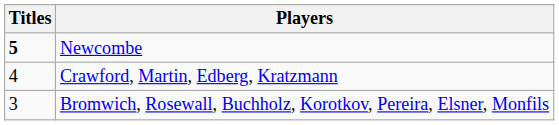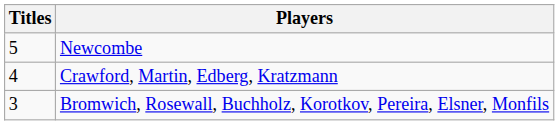 <table class="wikitable sortable">
 <tr>
 <th>Titles</th>
 <th>Players</th>
 </tr>
 <tr>
-<td><strong>5</strong></td>
+<td>5</td>
 <td> <a href='#'>Newcombe</a></td>
 </tr>
 <tr>
 <td>4</td>
 <td> <a href='#'>Crawford</a>,  <a href='#'>Martin</a>,  <a href='#'>Edberg</a>,  <a href='#'>Kratzmann</a></td>
 </tr>
 <tr>
 <td>3</td>
 <td> <a href='#'>Bromwich</a>,  <a href='#'>Rosewall</a>,  <a href='#'>Buchholz</a>,  <a href='#'>Korotkov</a>,  <a href='#'>Pereira</a>,  <a href='#'>Elsner</a>,  <a href='#'>Monfils</a></td>
 </tr>
 </table>
